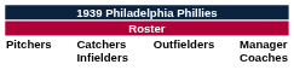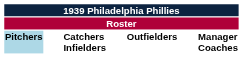 <table class="toccolours" style="font-size: 95%;">
 <tr>
 <th colspan="10" style="background-color: #0C2340; color: white; text-align: center;">1939 Philadelphia Phillies</th>
 </tr>
 <tr>
 <td colspan="10" style="background-color: #af0039; color: white; text-align: center;"><strong>Roster</strong></td>
 </tr>
 <tr>
-<td valign="top"><strong>Pitchers</strong><br>                </td>
+<td valign="top" style="background: lightblue;"><strong>Pitchers</strong><br>                </td>
 <td width="25px"></td>
 <td valign="top"><strong>Catchers</strong><br>      <strong>Infielders</strong>              </td>
 <td width="25px"></td>
 <td valign="top"><strong>Outfielders</strong><br>        </td>
 <td width="25px"></td>
 <td valign="top"><strong>Manager</strong><br> <strong>Coaches</strong>  </td>
 </tr>
 </table>
